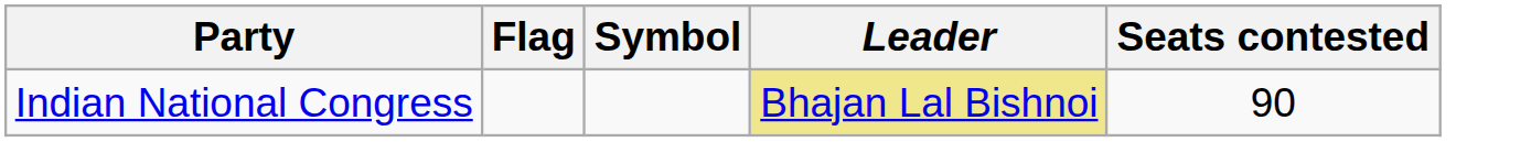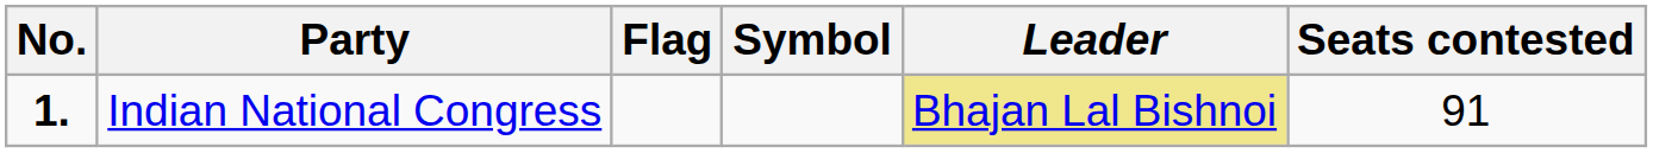 <table class="wikitable">
 <tr>
+<th>No.</th>
 <th>Party</th>
 <th><strong>Flag</strong></th>
 <th>Symbol</th>
 <th><em>Leader</em></th>
 <th>Seats contested</th>
 </tr>
 <tr>
+<td ! style="text-align:center; background:"><strong>1.</strong></td>
 <td style="text-align:center"><a href='#'>Indian National Congress</a></td>
 <td></td>
 <td></td>
 <td style="background: khaki; text-align:center"><a href='#'>Bhajan Lal Bishnoi</a></td>
-<td style="text-align:center">90</td>
+<td style="text-align:center">91</td>
 </tr>
 </table>
